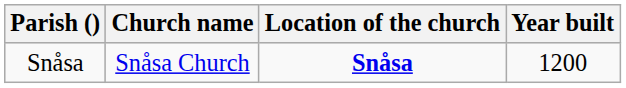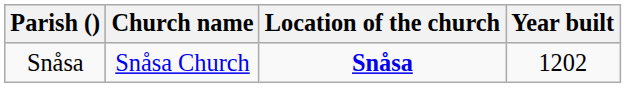 <table class="wikitable" style="text-align:center">
 <tr>
 <th>Parish ()</th>
 <th>Church name</th>
 <th>Location of the church</th>
 <th>Year built</th>
 </tr>
 <tr>
 <td>Snåsa</td>
 <td><a href='#'>Snåsa Church</a></td>
 <td><strong><a href='#'>Snåsa</a></strong></td>
-<td>1200</td>
+<td>1202</td>
 </tr>
 </table>
